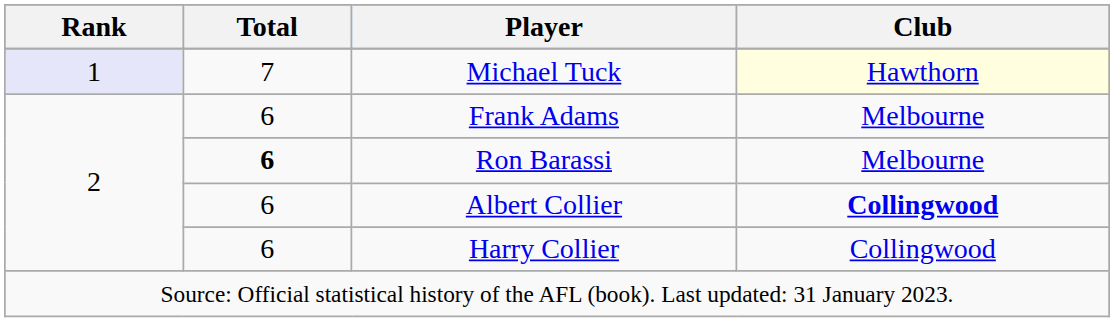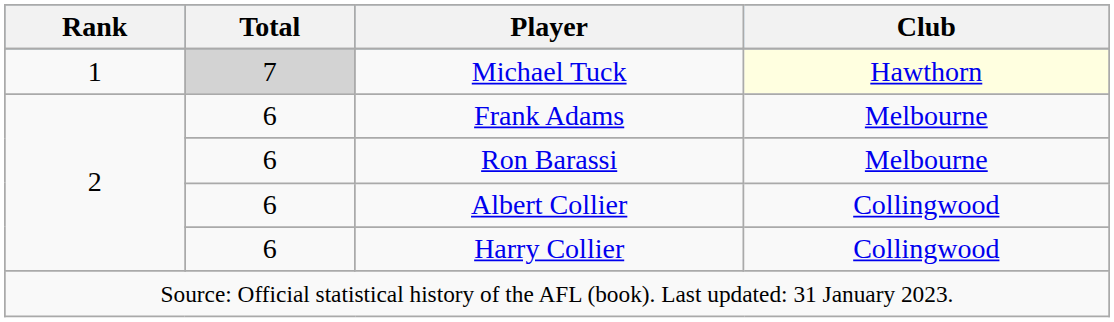 <table class="wikitable" style="text-align:center; width:50%;">
 <tr style="background:#87cefa;">
 <th>Rank</th>
 <th>Total</th>
 <th>Player</th>
 <th>Club</th>
 </tr>
 <tr>
 </tr>
 <tr>
-<td style="background: lavender;">1</td>
-<td>7</td>
+<td>1</td>
+<td style="background: lightgrey;">7</td>
 <td><a href='#'>Michael Tuck</a></td>
 <td style="background: lightyellow;"><a href='#'>Hawthorn</a></td>
 </tr>
 <tr>
 <td rowspan=4>2</td>
 <td>6</td>
 <td><a href='#'>Frank Adams</a></td>
 <td><a href='#'>Melbourne</a></td>
 </tr>
 <tr>
-<td><strong>6</strong></td>
+<td>6</td>
 <td><a href='#'>Ron Barassi</a></td>
 <td><a href='#'>Melbourne</a></td>
 </tr>
 <tr>
 <td>6</td>
 <td><a href='#'>Albert Collier</a></td>
-<td><strong><a href='#'>Collingwood</a></strong></td>
+<td><a href='#'>Collingwood</a></td>
 </tr>
 <tr>
 <td>6</td>
 <td><a href='#'>Harry Collier</a></td>
 <td><a href='#'>Collingwood</a></td>
 </tr>
 <tr>
 <td colspan=7><small>Source: Official statistical history of the AFL (book). Last updated: 31 January 2023.</small></td>
 </tr>
 </table>
